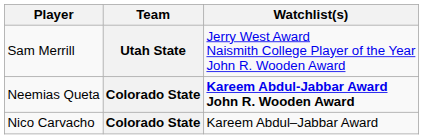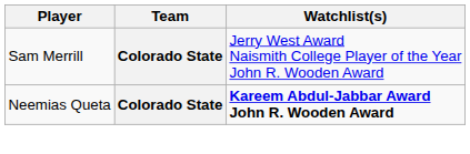 <table class="wikitable">
 <tr>
 <th>Player</th>
 <th>Team</th>
 <th>Watchlist(s)</th>
 </tr>
 <tr>
 <td>Sam Merrill</td>
-<th>Utah State</th>
+<th>Colorado State</th>
 <td><a href='#'>Jerry West Award</a><br><a href='#'>Naismith College Player of the Year</a><br><a href='#'>John R. Wooden Award</a></td>
 </tr>
 <tr>
 <td>Neemias Queta</td>
 <th>Colorado State</th>
 <td><strong><a href='#'>Kareem Abdul-Jabbar Award</a><br>John R. Wooden Award</strong></td>
 </tr>
-<tr>
-<td>Nico Carvacho</td>
-<th>Colorado State</th>
-<td>Kareem Abdul–Jabbar Award</td>
-</tr>
 </table>
